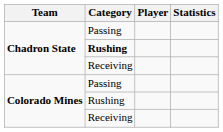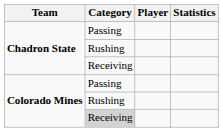 <table class="wikitable" style="float: left;">
 <tr>
 <th>Team</th>
 <th>Category</th>
 <th>Player</th>
 <th>Statistics</th>
 </tr>
 <tr>
 <td rowspan=3><strong>Chadron State</strong></td>
 <td>Passing</td>
 <td></td>
 <td></td>
 </tr>
 <tr>
-<td><strong>Rushing</strong></td>
+<td>Rushing</td>
 <td></td>
 <td></td>
 </tr>
 <tr>
 <td>Receiving</td>
 <td></td>
 <td></td>
 </tr>
 <tr>
 <td rowspan=3><strong>Colorado Mines</strong></td>
 <td>Passing</td>
 <td></td>
 <td></td>
 </tr>
 <tr>
 <td>Rushing</td>
 <td></td>
 <td></td>
 </tr>
 <tr>
-<td>Receiving</td>
+<td style="background: lightgrey;">Receiving</td>
 <td></td>
 <td></td>
 </tr>
 </table>
